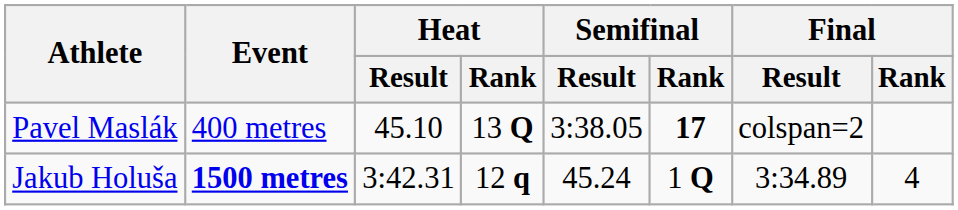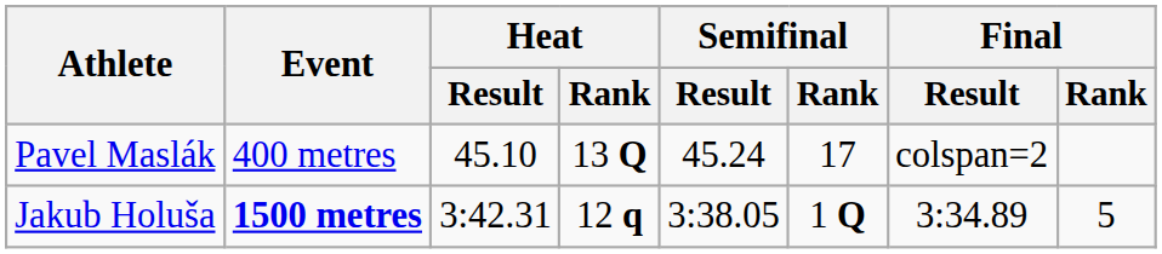 <table class=wikitable style=font-size:90%>
 <tr>
 <th rowspan=2>Athlete</th>
 <th rowspan=2>Event</th>
 <th colspan=2>Heat</th>
 <th colspan=2>Semifinal</th>
 <th colspan=2>Final</th>
 </tr>
 <tr style=font-size:95%>
 <th>Result</th>
 <th>Rank</th>
 <th>Result</th>
 <th>Rank</th>
 <th>Result</th>
 <th>Rank</th>
 </tr>
 <tr align=center>
 <td align=left><a href='#'>Pavel Maslák</a></td>
 <td align=left><a href='#'>400 metres</a></td>
 <td>45.10 <strong></strong></td>
 <td>13 <strong>Q</strong></td>
-<td>3:38.05</td>
-<td><strong>17</strong></td>
+<td>45.24</td>
+<td>17</td>
 <td>colspan=2 </td>
 </tr>
 <tr align=center>
 <td align=left><a href='#'>Jakub Holuša</a></td>
 <td align=left><strong><a href='#'>1500 metres</a></strong></td>
 <td>3:42.31</td>
 <td>12 <strong>q</strong></td>
-<td>45.24</td>
+<td>3:38.05</td>
 <td>1 <strong>Q</strong></td>
 <td>3:34.89</td>
-<td>4</td>
+<td>5</td>
 </tr>
 </table>
